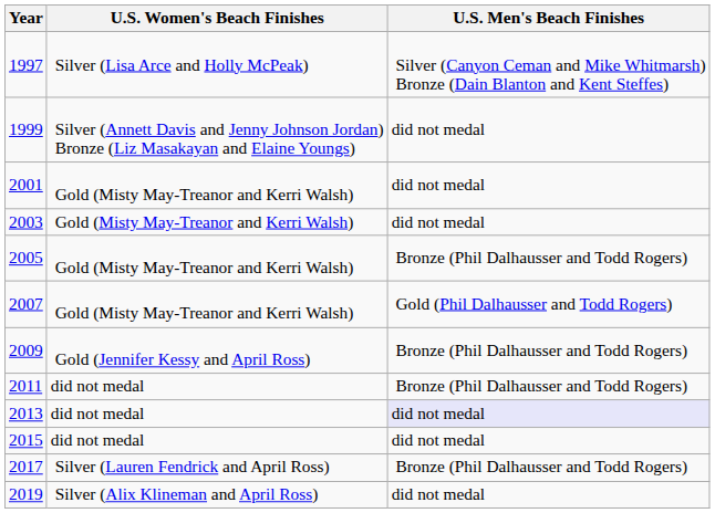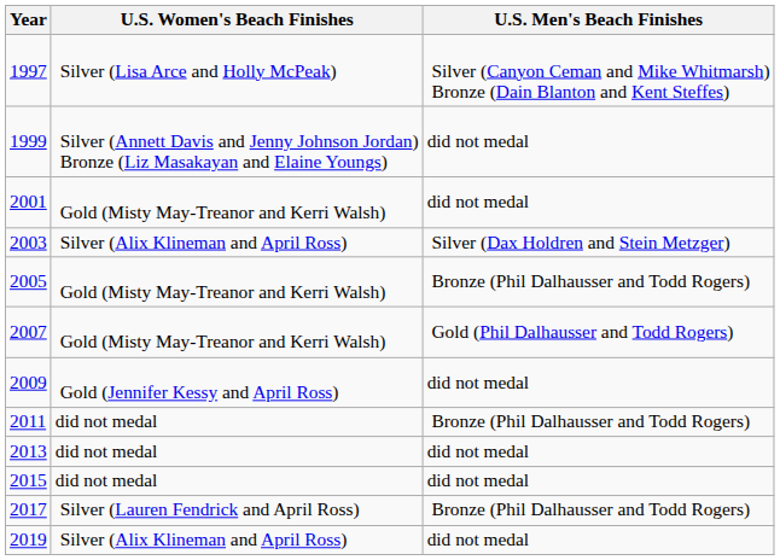 <table class="wikitable">
 <tr>
 <th>Year</th>
 <th>U.S. Women's Beach Finishes</th>
 <th>U.S. Men's Beach Finishes</th>
 </tr>
 <tr>
 <td><a href='#'>1997</a></td>
 <td> Silver (<a href='#'>Lisa Arce</a> and <a href='#'>Holly McPeak</a>)</td>
 <td><br> Silver (<a href='#'>Canyon Ceman</a> and <a href='#'>Mike Whitmarsh</a>) <br> Bronze (<a href='#'>Dain Blanton</a> and <a href='#'>Kent Steffes</a>)</td>
 </tr>
 <tr>
 <td><a href='#'>1999</a></td>
 <td><br> Silver (<a href='#'>Annett Davis</a> and <a href='#'>Jenny Johnson Jordan</a>) <br> Bronze (<a href='#'>Liz Masakayan</a> and <a href='#'>Elaine Youngs</a>)</td>
 <td>did not medal</td>
 </tr>
 <tr>
 <td><a href='#'>2001</a></td>
 <td><br> Gold (Misty May-Treanor and Kerri Walsh)</td>
 <td>did not medal</td>
 </tr>
 <tr>
 <td><a href='#'>2003</a></td>
-<td> Gold (<a href='#'>Misty May-Treanor</a> and <a href='#'>Kerri Walsh</a>)</td>
-<td>did not medal</td>
+<td> Silver (<a href='#'>Alix Klineman</a> and <a href='#'>April Ross</a>)</td>
+<td> Silver (<a href='#'>Dax Holdren</a> and <a href='#'>Stein Metzger</a>)</td>
 </tr>
 <tr>
 <td><a href='#'>2005</a></td>
 <td><br> Gold (Misty May-Treanor and Kerri Walsh)</td>
 <td> Bronze (Phil Dalhausser and Todd Rogers)</td>
 </tr>
 <tr>
 <td><a href='#'>2007</a></td>
 <td><br> Gold (Misty May-Treanor and Kerri Walsh)</td>
 <td> Gold (<a href='#'>Phil Dalhausser</a> and <a href='#'>Todd Rogers</a>)</td>
 </tr>
 <tr>
 <td><a href='#'>2009</a></td>
 <td><br> Gold (<a href='#'>Jennifer Kessy</a> and <a href='#'>April Ross</a>)</td>
-<td> Bronze (Phil Dalhausser and Todd Rogers)</td>
+<td>did not medal</td>
 </tr>
 <tr>
 <td><a href='#'>2011</a></td>
 <td>did not medal</td>
 <td> Bronze (Phil Dalhausser and Todd Rogers)</td>
 </tr>
 <tr>
 <td><a href='#'>2013</a></td>
 <td>did not medal</td>
-<td style="background: lavender;">did not medal</td>
+<td>did not medal</td>
 </tr>
 <tr>
 <td><a href='#'>2015</a></td>
 <td>did not medal</td>
 <td>did not medal</td>
 </tr>
 <tr>
 <td><a href='#'>2017</a></td>
 <td> Silver (<a href='#'>Lauren Fendrick</a> and April Ross)</td>
 <td> Bronze (Phil Dalhausser and Todd Rogers)</td>
 </tr>
 <tr>
 <td><a href='#'>2019</a></td>
 <td> Silver (<a href='#'>Alix Klineman</a> and <a href='#'>April Ross</a>)</td>
 <td>did not medal</td>
 </tr>
 </table>
